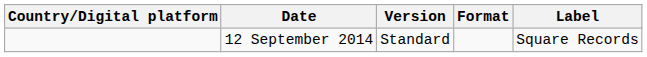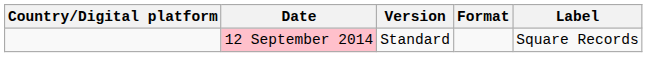 <table class="wikitable">
 <tr>
 <th>Country/Digital platform</th>
 <th>Date</th>
 <th>Version</th>
 <th>Format</th>
 <th>Label</th>
 </tr>
 <tr>
 <td></td>
-<td>12 September 2014</td>
+<td style="background: pink;">12 September 2014</td>
 <td rowspan="2">Standard</td>
 <td></td>
 <td rowspan="2">Square Records</td>
 </tr>
 </table>
